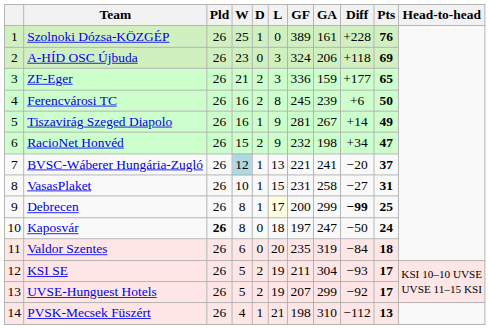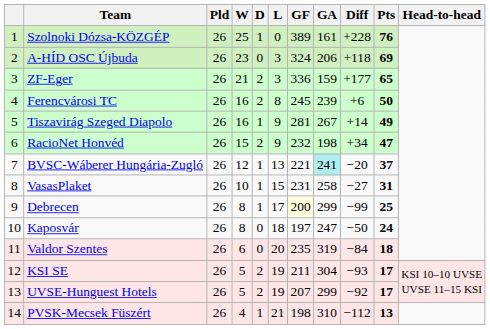 <table class="wikitable sortable" style="text-align:center">
 <tr>
 <th></th>
 <th width="210">Team</th>
 <th>Pld</th>
 <th>W</th>
 <th>D</th>
 <th>L</th>
 <th>GF</th>
 <th>GA</th>
 <th>Diff</th>
 <th>Pts</th>
 <th>Head-to-head</th>
 </tr>
 <tr style="background: #D0F0C0;">
 <td>1</td>
 <td align=left> <a href='#'>Szolnoki Dózsa-KÖZGÉP</a></td>
 <td>26</td>
 <td>25</td>
 <td>1</td>
 <td>0</td>
 <td>389</td>
 <td>161</td>
 <td>+228</td>
 <td><strong>76</strong></td>
 </tr>
 <tr style="background: #D0F0C0;">
 <td>2</td>
 <td align=left> <a href='#'>A-HÍD OSC Újbuda</a></td>
 <td>26</td>
 <td>23</td>
 <td>0</td>
 <td>3</td>
 <td>324</td>
 <td>206</td>
 <td>+118</td>
 <td><strong>69</strong></td>
 </tr>
 <tr style="background: #CCFFCC;">
 <td>3</td>
 <td align=left> <a href='#'>ZF-Eger</a></td>
 <td>26</td>
 <td>21</td>
 <td>2</td>
 <td>3</td>
 <td>336</td>
 <td>159</td>
 <td>+177</td>
 <td><strong>65</strong></td>
 </tr>
 <tr style="background: #CCFFCC;">
 <td>4</td>
 <td align=left> <a href='#'>Ferencvárosi TC</a></td>
 <td>26</td>
 <td>16</td>
 <td>2</td>
 <td>8</td>
 <td>245</td>
 <td>239</td>
 <td>+6</td>
 <td><strong>50</strong></td>
 </tr>
 <tr style="background: #CCFFCC;">
 <td>5</td>
 <td align=left> <a href='#'>Tiszavirág Szeged Diapolo</a></td>
 <td>26</td>
 <td>16</td>
 <td>1</td>
 <td>9</td>
 <td>281</td>
 <td>267</td>
 <td>+14</td>
 <td><strong>49</strong></td>
 </tr>
 <tr style="background: #CCFFCC;">
 <td>6</td>
 <td align=left> <a href='#'>RacioNet Honvéd</a></td>
 <td>26</td>
 <td>15</td>
 <td>2</td>
 <td>9</td>
 <td>232</td>
 <td>198</td>
 <td>+34</td>
 <td><strong>47</strong></td>
 </tr>
 <tr>
 <td>7</td>
 <td align=left> <a href='#'>BVSC-Wáberer Hungária-Zugló</a></td>
 <td>26</td>
-<td style="background: lightblue;">12</td>
+<td>12</td>
 <td>1</td>
 <td>13</td>
 <td>221</td>
-<td>241</td>
+<td style="background: paleturquoise;">241</td>
 <td>−20</td>
 <td><strong>37</strong></td>
 </tr>
 <tr>
 <td>8</td>
 <td align=left> <a href='#'>VasasPlaket</a></td>
 <td>26</td>
 <td>10</td>
 <td>1</td>
 <td>15</td>
 <td>231</td>
 <td>258</td>
 <td>−27</td>
 <td><strong>31</strong></td>
 </tr>
 <tr>
 <td>9</td>
 <td align=left> <a href='#'>Debrecen</a></td>
 <td>26</td>
 <td>8</td>
 <td>1</td>
-<td style="background: lightyellow;">17</td>
-<td>200</td>
+<td>17</td>
+<td style="background: lightyellow;">200</td>
 <td>299</td>
-<td><strong>−99</strong></td>
+<td>−99</td>
 <td><strong>25</strong></td>
 </tr>
 <tr>
 <td>10</td>
 <td align=left> <a href='#'>Kaposvár</a></td>
-<td><strong>26</strong></td>
+<td>26</td>
 <td>8</td>
 <td>0</td>
 <td>18</td>
 <td>197</td>
 <td>247</td>
 <td>−50</td>
 <td><strong>24</strong></td>
 </tr>
 <tr style="background: #FFE6E6;">
 <td>11</td>
 <td align=left> <a href='#'>Valdor Szentes</a></td>
 <td>26</td>
 <td>6</td>
 <td>0</td>
 <td>20</td>
 <td>235</td>
 <td>319</td>
 <td>−84</td>
 <td><strong>18</strong></td>
 </tr>
 <tr style="background: #FFE6E6;">
 <td>12</td>
 <td align=left> <a href='#'>KSI SE</a></td>
 <td>26</td>
 <td>5</td>
 <td>2</td>
 <td>19</td>
 <td>211</td>
 <td>304</td>
 <td>−93</td>
 <td><strong>17</strong></td>
 <td rowspan=2><small>KSI 10–10 UVSE<br>UVSE 11–15 KSI</small></td>
 </tr>
 <tr style="background: #FFE6E6;">
 <td>13</td>
 <td align=left> <a href='#'>UVSE-Hunguest Hotels</a></td>
 <td>26</td>
 <td>5</td>
 <td>2</td>
 <td>19</td>
 <td>207</td>
 <td>299</td>
 <td>−92</td>
 <td><strong>17</strong></td>
 </tr>
 <tr style="background: #FFE6E6;">
 <td>14</td>
 <td align=left> <a href='#'>PVSK-Mecsek Füszért</a></td>
 <td>26</td>
 <td>4</td>
 <td>1</td>
 <td>21</td>
 <td>198</td>
 <td>310</td>
 <td>−112</td>
 <td><strong>13</strong></td>
 </tr>
 </table>
